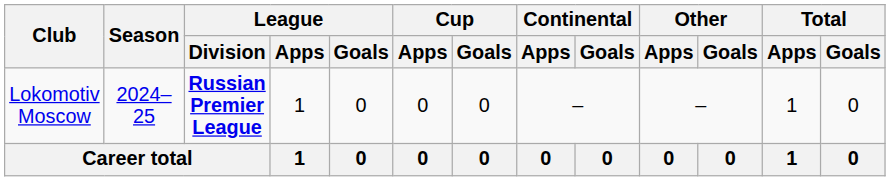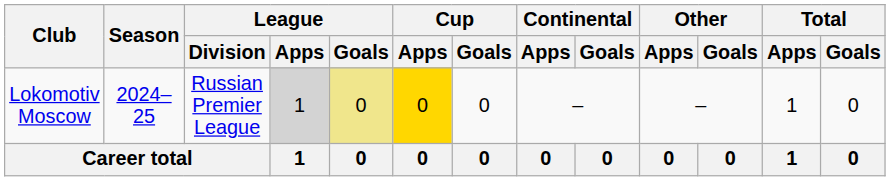 <table class="wikitable" style="text-align: center;">
 <tr>
 <th rowspan=2>Club</th>
 <th rowspan=2>Season</th>
 <th colspan=3>League</th>
 <th colspan=2>Cup</th>
 <th colspan=2>Continental</th>
 <th colspan=2>Other</th>
 <th colspan=2>Total</th>
 </tr>
 <tr>
 <th>Division</th>
 <th>Apps</th>
 <th>Goals</th>
 <th>Apps</th>
 <th>Goals</th>
 <th>Apps</th>
 <th>Goals</th>
 <th>Apps</th>
 <th>Goals</th>
 <th>Apps</th>
 <th>Goals</th>
 </tr>
 <tr>
 <td><a href='#'>Lokomotiv Moscow</a></td>
 <td><a href='#'>2024–25</a></td>
-<td><strong><a href='#'>Russian Premier League</a></strong></td>
-<td>1</td>
-<td>0</td>
-<td>0</td>
+<td><a href='#'>Russian Premier League</a></td>
+<td style="background: lightgrey;">1</td>
+<td style="background: khaki;">0</td>
+<td style="background: gold;">0</td>
 <td>0</td>
 <td colspan=2>–</td>
 <td colspan=2>–</td>
 <td>1</td>
 <td>0</td>
 </tr>
 <tr>
 <th colspan=3>Career total</th>
 <th>1</th>
 <th>0</th>
 <th>0</th>
 <th>0</th>
 <th>0</th>
 <th>0</th>
 <th>0</th>
 <th>0</th>
 <th>1</th>
 <th>0</th>
 </tr>
 </table>
